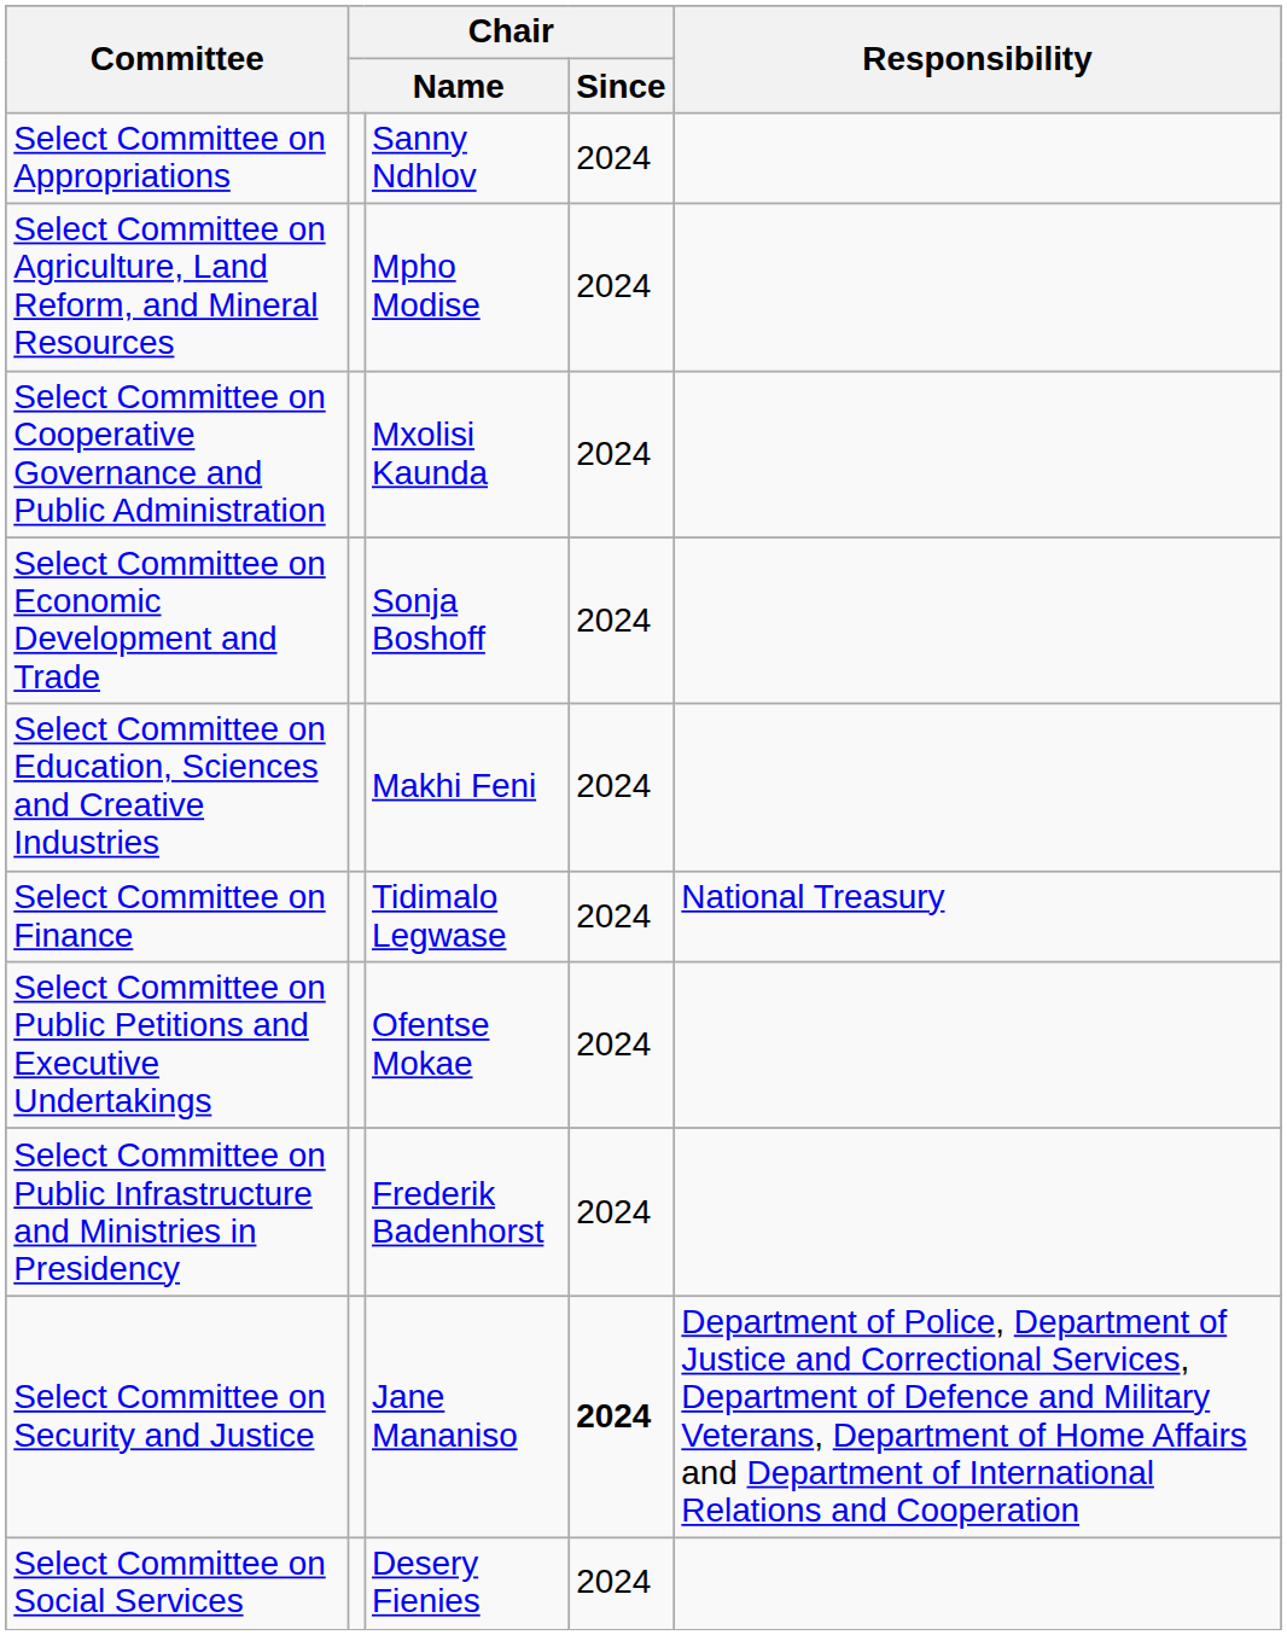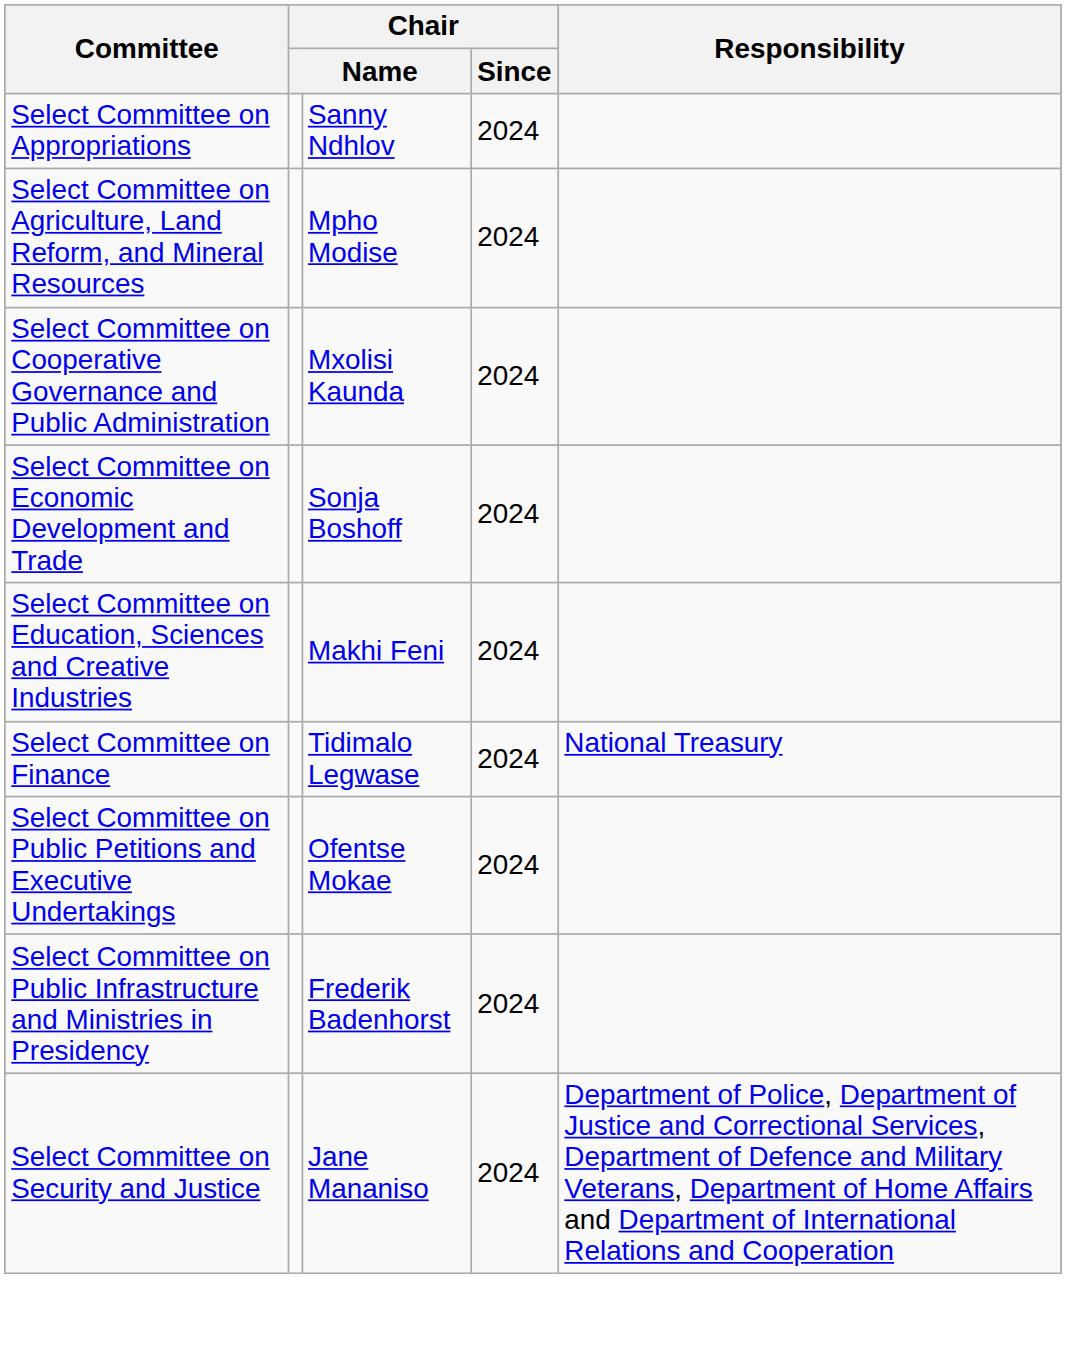 <table class="wikitable">
 <tr>
 <th rowspan="2">Committee</th>
 <th colspan="3">Chair</th>
 <th rowspan="2">Responsibility</th>
 </tr>
 <tr>
 <th colspan="2">Name</th>
 <th>Since</th>
 </tr>
 <tr>
 <td><a href='#'>Select Committee on Appropriations</a></td>
 <td style="background:"></td>
 <td><a href='#'>Sanny Ndhlov</a></td>
 <td>2024</td>
 <td style="vertical-align: top;"></td>
 </tr>
 <tr>
 <td><a href='#'>Select Committee on Agriculture, Land Reform, and Mineral Resources</a></td>
 <td style="background:"></td>
 <td><a href='#'>Mpho Modise</a></td>
 <td>2024</td>
 <td></td>
 </tr>
 <tr>
 <td><a href='#'>Select Committee on Cooperative Governance and Public Administration</a></td>
 <td style="background:"></td>
 <td><a href='#'>Mxolisi Kaunda</a></td>
 <td>2024</td>
 <td style="vertical-align: top;"></td>
 </tr>
 <tr>
 <td><a href='#'>Select Committee on Economic Development and Trade</a></td>
 <td style="background:"></td>
 <td><a href='#'>Sonja Boshoff</a></td>
 <td>2024</td>
 <td></td>
 </tr>
 <tr>
 <td><a href='#'>Select Committee on Education, Sciences and Creative Industries</a></td>
 <td style="background:"></td>
 <td><a href='#'>Makhi Feni</a></td>
 <td>2024</td>
 <td style="vertical-align: top;"></td>
 </tr>
 <tr>
 <td><a href='#'>Select Committee on Finance</a></td>
 <td style="background:"></td>
 <td><a href='#'>Tidimalo Legwase</a></td>
 <td>2024</td>
 <td style="vertical-align: top;"><a href='#'>National Treasury</a></td>
 </tr>
 <tr>
 <td><a href='#'>Select Committee on Public Petitions and Executive Undertakings</a></td>
 <td style="background:"></td>
 <td><a href='#'>Ofentse Mokae</a></td>
 <td>2024</td>
 <td style="vertical-align: top;"></td>
 </tr>
 <tr>
 <td><a href='#'>Select Committee on Public Infrastructure and Ministries in Presidency</a></td>
 <td style="background:"></td>
 <td><a href='#'>Frederik Badenhorst</a></td>
 <td>2024</td>
 <td></td>
 </tr>
 <tr>
 <td><a href='#'>Select Committee on Security and Justice</a></td>
 <td style="background:"></td>
 <td><a href='#'>Jane Mananiso</a></td>
-<td><strong>2024</strong></td>
+<td>2024</td>
 <td style="vertical-align: top;"><a href='#'>Department of Police</a>, <a href='#'>Department of Justice and Correctional Services</a>, <a href='#'>Department of Defence and Military Veterans</a>, <a href='#'>Department of Home Affairs</a> and <a href='#'>Department of International Relations and Cooperation</a></td>
 </tr>
-<tr>
-<td><a href='#'>Select Committee on Social Services</a></td>
-<td style="background:"></td>
-<td><a href='#'>Desery Fienies</a></td>
-<td>2024</td>
-<td></td>
-</tr>
 </table>
